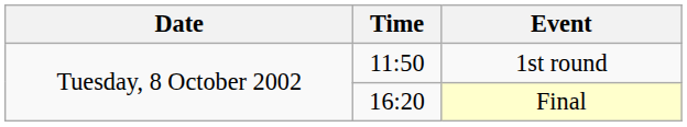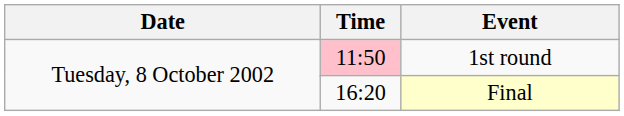 <table class = "wikitable" style="text-align:center;">
 <tr>
 <th width=220>Date</th>
 <th width=50>Time</th>
 <th width=150>Event</th>
 </tr>
 <tr>
 <td rowspan=2>Tuesday, 8 October 2002</td>
-<td>11:50</td>
+<td style="background: pink;">11:50</td>
 <td>1st round</td>
 </tr>
 <tr>
 <td>16:20</td>
 <td bgcolor=ffffcc>Final</td>
 </tr>
 </table>
